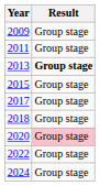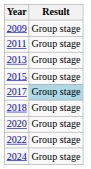 <table class="wikitable">
 <tr>
 <th>Year</th>
 <th>Result</th>
 </tr>
 <tr>
 <td> <a href='#'>2009</a></td>
 <td>Group stage</td>
 </tr>
 <tr>
 <td> <a href='#'>2011</a></td>
 <td>Group stage</td>
 </tr>
 <tr>
 <td> <a href='#'>2013</a></td>
-<td><strong>Group stage</strong></td>
+<td>Group stage</td>
 </tr>
 <tr>
 <td> <a href='#'>2015</a></td>
 <td>Group stage</td>
 </tr>
 <tr>
 <td> <a href='#'>2017</a></td>
-<td>Group stage</td>
+<td style="background: lightblue;">Group stage</td>
 </tr>
 <tr>
 <td> <a href='#'>2018</a></td>
 <td>Group stage</td>
 </tr>
 <tr>
 <td> <a href='#'>2020</a></td>
-<td style="background: pink;">Group stage</td>
+<td>Group stage</td>
 </tr>
 <tr>
 <td> <a href='#'>2022</a></td>
 <td>Group stage</td>
 </tr>
 <tr>
 <td> <a href='#'>2024</a></td>
 <td>Group stage</td>
 </tr>
 </table>
